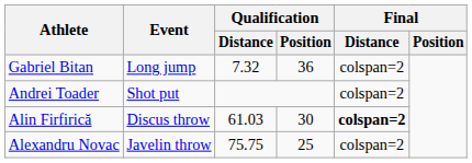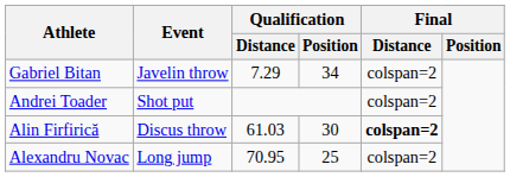 <table class=wikitable style=font-size:90%>
 <tr>
 <th rowspan=2>Athlete</th>
 <th rowspan=2>Event</th>
 <th colspan=2>Qualification</th>
 <th colspan=2>Final</th>
 </tr>
 <tr style=font-size:95%>
 <th>Distance</th>
 <th>Position</th>
 <th>Distance</th>
 <th>Position</th>
 </tr>
 <tr align=center>
 <td align=left><a href='#'>Gabriel Bitan</a></td>
-<td align=left><a href='#'>Long jump</a></td>
-<td>7.32</td>
-<td>36</td>
+<td align=left><a href='#'>Javelin throw</a></td>
+<td>7.29</td>
+<td>34</td>
 <td>colspan=2 </td>
 </tr>
 <tr align=center>
 <td align=left><a href='#'>Andrei Toader</a></td>
 <td align=left><a href='#'>Shot put</a></td>
 <td colspan=2></td>
 <td>colspan=2 </td>
 </tr>
 <tr align=center>
 <td align=left><a href='#'>Alin Firfirică</a></td>
 <td align=left><a href='#'>Discus throw</a></td>
 <td>61.03</td>
 <td>30</td>
 <td><strong>colspan=2 </strong></td>
 </tr>
 <tr align=center>
 <td align=left><a href='#'>Alexandru Novac</a></td>
-<td align=left><a href='#'>Javelin throw</a></td>
-<td>75.75</td>
+<td align=left><a href='#'>Long jump</a></td>
+<td>70.95</td>
 <td>25</td>
 <td>colspan=2 </td>
 </tr>
 </table>
